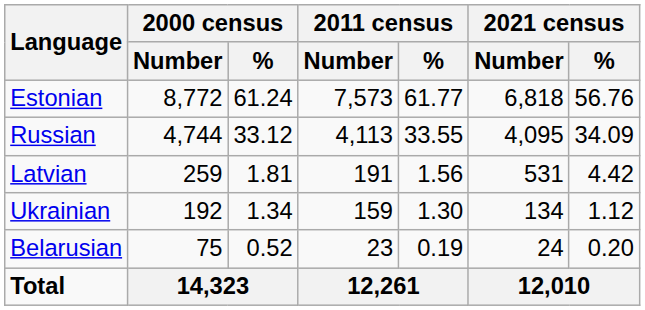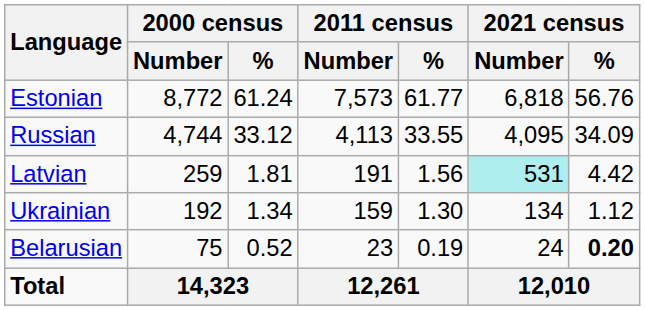 <table class="wikitable">
 <tr style="background:#e0e0e0;">
 <th rowspan="2">Language</th>
 <th colspan="2">2000 census</th>
 <th colspan="2">2011 census</th>
 <th colspan="2">2021 census</th>
 </tr>
 <tr style="background:#e0e0e0;">
 <th>Number</th>
 <th>%</th>
 <th>Number</th>
 <th>%</th>
 <th>Number</th>
 <th>%</th>
 </tr>
 <tr>
 <td><a href='#'>Estonian</a></td>
 <td style="text-align:right;">8,772</td>
 <td style="text-align:right;">61.24</td>
 <td style="text-align:right;">7,573</td>
 <td style="text-align:right;">61.77</td>
 <td style="text-align:right;">6,818</td>
 <td style="text-align:right;">56.76</td>
 </tr>
 <tr>
 <td><a href='#'>Russian</a></td>
 <td style="text-align:right;">4,744</td>
 <td style="text-align:right;">33.12</td>
 <td style="text-align:right;">4,113</td>
 <td style="text-align:right;">33.55</td>
 <td style="text-align:right;">4,095</td>
 <td style="text-align:right;">34.09</td>
 </tr>
 <tr>
 <td><a href='#'>Latvian</a></td>
 <td style="text-align:right;">259</td>
 <td style="text-align:right;">1.81</td>
 <td style="text-align:right;">191</td>
 <td style="text-align:right;">1.56</td>
-<td style="text-align:right;">531</td>
+<td style="background: paleturquoise; text-align:right;">531</td>
 <td style="text-align:right;">4.42</td>
 </tr>
 <tr>
 <td><a href='#'>Ukrainian</a></td>
 <td style="text-align:right;">192</td>
 <td style="text-align:right;">1.34</td>
 <td style="text-align:right;">159</td>
 <td style="text-align:right;">1.30</td>
 <td style="text-align:right;">134</td>
 <td style="text-align:right;">1.12</td>
 </tr>
 <tr>
 <td><a href='#'>Belarusian</a></td>
 <td style="text-align:right;">75</td>
 <td style="text-align:right;">0.52</td>
 <td style="text-align:right;">23</td>
 <td style="text-align:right;">0.19</td>
 <td style="text-align:right;">24</td>
-<td style="text-align:right;">0.20</td>
+<td style="text-align:right;"><strong>0.20</strong></td>
 </tr>
 <tr>
 <td><strong>Total</strong></td>
 <th colspan="2"><strong>14,323</strong></th>
 <th colspan="2"><strong>12,261</strong></th>
 <th colspan="2"><strong>12,010</strong></th>
 </tr>
 </table>
